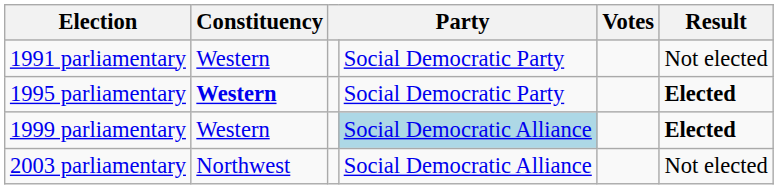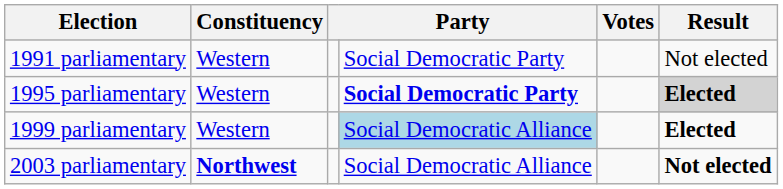 <table class="wikitable" style="text-align:left;">
 <tr>
 <th scope=col>Election</th>
 <th scope=col>Constituency</th>
 <th scope=col colspan="2">Party</th>
 <th scope=col>Votes</th>
 <th scope=col>Result</th>
 </tr>
 <tr>
 <td><a href='#'>1991 parliamentary</a></td>
 <td><a href='#'>Western</a></td>
 <td style="background:"></td>
 <td><a href='#'>Social Democratic Party</a></td>
 <td align=right></td>
 <td>Not elected</td>
 </tr>
 <tr>
 <td><a href='#'>1995 parliamentary</a></td>
-<td><strong><a href='#'>Western</a></strong></td>
+<td><a href='#'>Western</a></td>
 <td style="background:"></td>
-<td><a href='#'>Social Democratic Party</a></td>
+<td><strong><a href='#'>Social Democratic Party</a></strong></td>
 <td align=right></td>
-<td><strong>Elected</strong></td>
+<td style="background: lightgrey;"><strong>Elected</strong></td>
 </tr>
 <tr>
 <td><a href='#'>1999 parliamentary</a></td>
 <td><a href='#'>Western</a></td>
 <td style="background:"></td>
 <td style="background: lightblue;"><a href='#'>Social Democratic Alliance</a></td>
 <td align=right></td>
 <td><strong>Elected</strong></td>
 </tr>
 <tr>
 <td><a href='#'>2003 parliamentary</a></td>
-<td><a href='#'>Northwest</a></td>
+<td><strong><a href='#'>Northwest</a></strong></td>
 <td style="background:"></td>
 <td><a href='#'>Social Democratic Alliance</a></td>
 <td align=right></td>
-<td>Not elected</td>
+<td><strong>Not elected</strong></td>
 </tr>
 </table>
